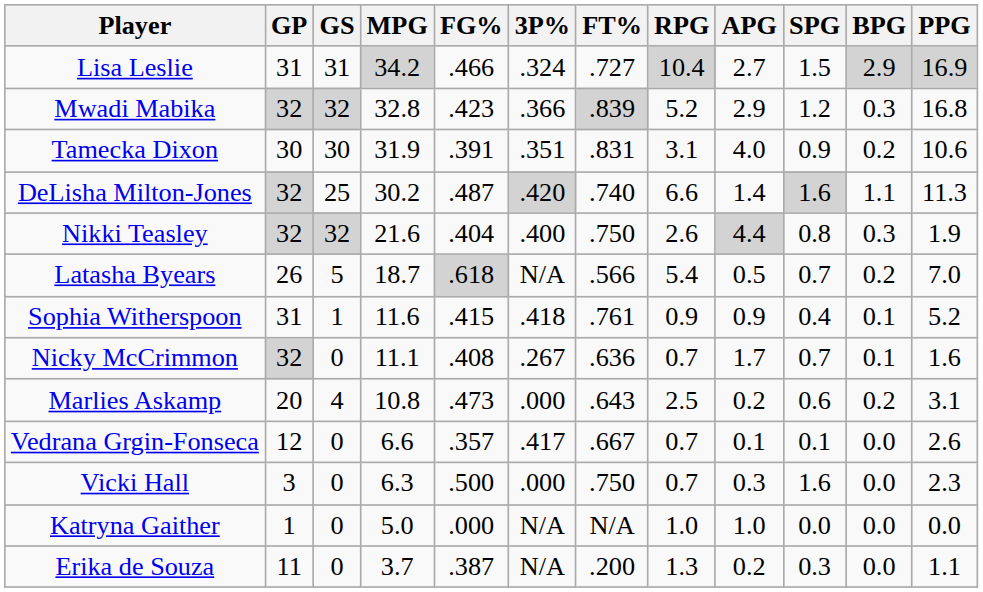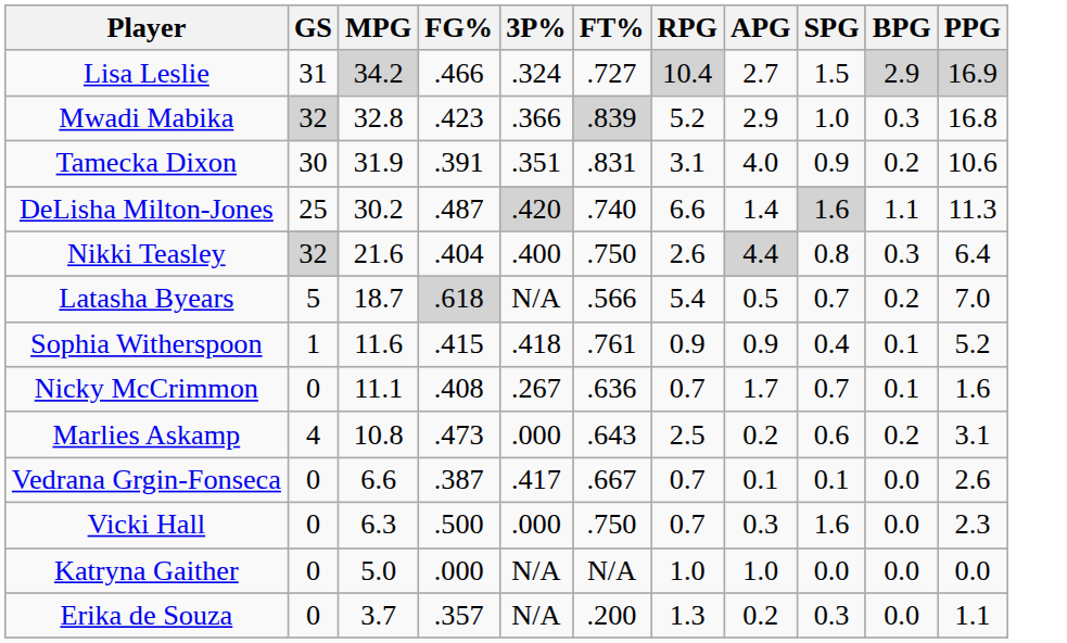 <table class="wikitable sortable" style="text-align:center;">
 <tr>
 <th>Player</th>
-<th>GP</th>
 <th>GS</th>
 <th>MPG</th>
 <th>FG%</th>
 <th>3P%</th>
 <th>FT%</th>
 <th>RPG</th>
 <th>APG</th>
 <th>SPG</th>
 <th>BPG</th>
 <th>PPG</th>
 </tr>
 <tr>
 <td><a href='#'>Lisa Leslie</a></td>
 <td>31</td>
-<td>31</td>
 <td style="background:#D3D3D3;">34.2</td>
 <td>.466</td>
 <td>.324</td>
 <td>.727</td>
 <td style="background:#D3D3D3;">10.4</td>
 <td>2.7</td>
 <td>1.5</td>
 <td style="background:#D3D3D3;">2.9</td>
 <td style="background:#D3D3D3;">16.9</td>
 </tr>
 <tr>
 <td><a href='#'>Mwadi Mabika</a></td>
 <td style="background:#D3D3D3;">32</td>
-<td style="background:#D3D3D3;">32</td>
 <td>32.8</td>
 <td>.423</td>
 <td>.366</td>
 <td style="background:#D3D3D3;">.839</td>
 <td>5.2</td>
 <td>2.9</td>
-<td>1.2</td>
+<td>1.0</td>
 <td>0.3</td>
 <td>16.8</td>
 </tr>
 <tr>
 <td><a href='#'>Tamecka Dixon</a></td>
-<td>30</td>
 <td>30</td>
 <td>31.9</td>
 <td>.391</td>
 <td>.351</td>
 <td>.831</td>
 <td>3.1</td>
 <td>4.0</td>
 <td>0.9</td>
 <td>0.2</td>
 <td>10.6</td>
 </tr>
 <tr>
 <td><a href='#'>DeLisha Milton-Jones</a></td>
-<td style="background:#D3D3D3;">32</td>
 <td>25</td>
 <td>30.2</td>
 <td>.487</td>
 <td style="background:#D3D3D3;">.420</td>
 <td>.740</td>
 <td>6.6</td>
 <td>1.4</td>
 <td style="background:#D3D3D3;">1.6</td>
 <td>1.1</td>
 <td>11.3</td>
 </tr>
 <tr>
 <td><a href='#'>Nikki Teasley</a></td>
 <td style="background:#D3D3D3;">32</td>
-<td style="background:#D3D3D3;">32</td>
 <td>21.6</td>
 <td>.404</td>
 <td>.400</td>
 <td>.750</td>
 <td>2.6</td>
 <td style="background:#D3D3D3;">4.4</td>
 <td>0.8</td>
 <td>0.3</td>
-<td>1.9</td>
+<td>6.4</td>
 </tr>
 <tr>
 <td><a href='#'>Latasha Byears</a></td>
-<td>26</td>
 <td>5</td>
 <td>18.7</td>
 <td style="background:#D3D3D3;">.618</td>
 <td>N/A</td>
 <td>.566</td>
 <td>5.4</td>
 <td>0.5</td>
 <td>0.7</td>
 <td>0.2</td>
 <td>7.0</td>
 </tr>
 <tr>
 <td><a href='#'>Sophia Witherspoon</a></td>
-<td>31</td>
 <td>1</td>
 <td>11.6</td>
 <td>.415</td>
 <td>.418</td>
 <td>.761</td>
 <td>0.9</td>
 <td>0.9</td>
 <td>0.4</td>
 <td>0.1</td>
 <td>5.2</td>
 </tr>
 <tr>
 <td><a href='#'>Nicky McCrimmon</a></td>
-<td style="background:#D3D3D3;">32</td>
 <td>0</td>
 <td>11.1</td>
 <td>.408</td>
 <td>.267</td>
 <td>.636</td>
 <td>0.7</td>
 <td>1.7</td>
 <td>0.7</td>
 <td>0.1</td>
 <td>1.6</td>
 </tr>
 <tr>
 <td><a href='#'>Marlies Askamp</a></td>
-<td>20</td>
 <td>4</td>
 <td>10.8</td>
 <td>.473</td>
 <td>.000</td>
 <td>.643</td>
 <td>2.5</td>
 <td>0.2</td>
 <td>0.6</td>
 <td>0.2</td>
 <td>3.1</td>
 </tr>
 <tr>
 <td><a href='#'>Vedrana Grgin-Fonseca</a></td>
-<td>12</td>
 <td>0</td>
 <td>6.6</td>
-<td>.357</td>
+<td>.387</td>
 <td>.417</td>
 <td>.667</td>
 <td>0.7</td>
 <td>0.1</td>
 <td>0.1</td>
 <td>0.0</td>
 <td>2.6</td>
 </tr>
 <tr>
 <td><a href='#'>Vicki Hall</a></td>
-<td>3</td>
 <td>0</td>
 <td>6.3</td>
 <td>.500</td>
 <td>.000</td>
 <td>.750</td>
 <td>0.7</td>
 <td>0.3</td>
 <td>1.6</td>
 <td>0.0</td>
 <td>2.3</td>
 </tr>
 <tr>
 <td><a href='#'>Katryna Gaither</a></td>
-<td>1</td>
 <td>0</td>
 <td>5.0</td>
 <td>.000</td>
 <td>N/A</td>
 <td>N/A</td>
 <td>1.0</td>
 <td>1.0</td>
 <td>0.0</td>
 <td>0.0</td>
 <td>0.0</td>
 </tr>
 <tr>
 <td><a href='#'>Erika de Souza</a></td>
-<td>11</td>
 <td>0</td>
 <td>3.7</td>
-<td>.387</td>
+<td>.357</td>
 <td>N/A</td>
 <td>.200</td>
 <td>1.3</td>
 <td>0.2</td>
 <td>0.3</td>
 <td>0.0</td>
 <td>1.1</td>
 </tr>
 </table>
